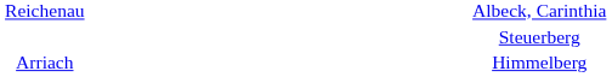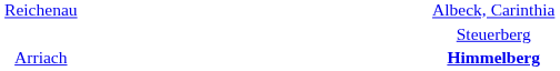 <table width="50%">
 <tr ---->
 <td width ="33%" align="center"><a href='#'>Reichenau</a></td>
 <td width ="33%" align="center"></td>
 <td width ="33%" align="center"><a href='#'>Albeck, Carinthia</a></td>
 </tr>
 <tr ---->
 <td width ="33%" align="center"></td>
 <td width ="33%" align="center"></td>
 <td width ="33%" align="center"><a href='#'>Steuerberg</a></td>
 </tr>
 <tr ---->
 <td width ="33%" align="center"><a href='#'>Arriach</a></td>
 <td width ="33%" align="center"></td>
-<td width ="33%" align="center"><a href='#'>Himmelberg</a></td>
+<td width ="33%" align="center"><strong><a href='#'>Himmelberg</a></strong></td>
 </tr>
 </table>
